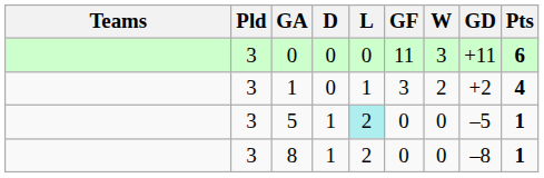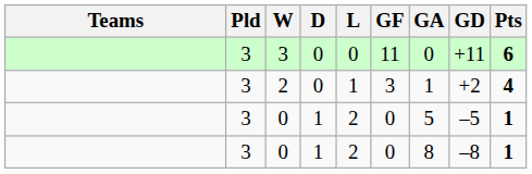 <table class="wikitable" style="text-align: center;">
 <tr>
 <th width=165>Teams</th>
 <th width=20>Pld</th>
-<th width=20>GA</th>
+<th width=20>W</th>
 <th width=20>D</th>
 <th width=20>L</th>
 <th width=20>GF</th>
-<th width=20>W</th>
+<th width=20>GA</th>
 <th width=20>GD</th>
 <th width=20>Pts</th>
 </tr>
 <tr align=center style="background:#ccffcc;">
 <td style="text-align:left;"></td>
 <td>3</td>
-<td>0</td>
+<td>3</td>
 <td>0</td>
 <td>0</td>
 <td>11</td>
-<td>3</td>
+<td>0</td>
 <td>+11</td>
 <td><strong>6</strong></td>
 </tr>
 <tr align=center>
 <td style="text-align:left;"></td>
 <td>3</td>
-<td>1</td>
+<td>2</td>
 <td>0</td>
 <td>1</td>
 <td>3</td>
-<td>2</td>
+<td>1</td>
 <td>+2</td>
 <td><strong>4</strong></td>
 </tr>
 <tr align=center>
 <td style="text-align:left;"></td>
 <td>3</td>
+<td>0</td>
+<td>1</td>
+<td>2</td>
+<td>0</td>
 <td>5</td>
-<td>1</td>
-<td style="background: paleturquoise;">2</td>
-<td>0</td>
-<td>0</td>
 <td>–5</td>
 <td><strong>1</strong></td>
 </tr>
 <tr align=center>
 <td style="text-align:left;"></td>
 <td>3</td>
-<td>8</td>
+<td>0</td>
 <td>1</td>
 <td>2</td>
 <td>0</td>
-<td>0</td>
+<td>8</td>
 <td>–8</td>
 <td><strong>1</strong></td>
 </tr>
 </table>
